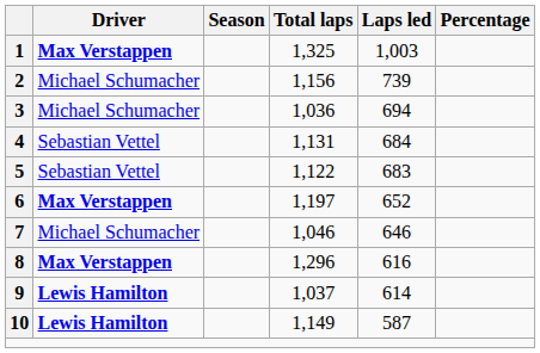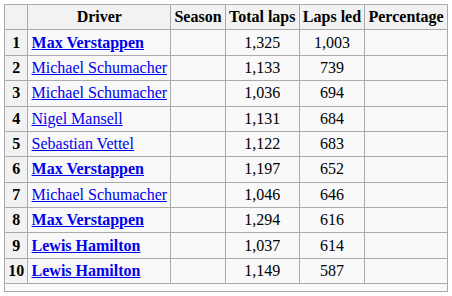 <table class="wikitable" style="text-align:center">
 <tr>
 <th></th>
 <th>Driver</th>
 <th>Season</th>
 <th>Total laps</th>
 <th>Laps led</th>
 <th>Percentage</th>
 </tr>
 <tr>
 <th>1</th>
 <td align=left> <strong><a href='#'>Max Verstappen</a></strong></td>
 <td></td>
 <td>1,325</td>
 <td>1,003</td>
 <td></td>
 </tr>
 <tr>
 <th>2</th>
 <td align=left> <a href='#'>Michael Schumacher</a></td>
 <td></td>
-<td>1,156</td>
+<td>1,133</td>
 <td>739</td>
 <td></td>
 </tr>
 <tr>
 <th>3</th>
 <td align=left> <a href='#'>Michael Schumacher</a></td>
 <td></td>
 <td>1,036</td>
 <td>694</td>
 <td></td>
 </tr>
 <tr>
 <th>4</th>
-<td align=left> <a href='#'>Sebastian Vettel</a></td>
+<td align=left> <a href='#'>Nigel Mansell</a></td>
 <td></td>
 <td>1,131</td>
 <td>684</td>
 <td></td>
 </tr>
 <tr>
 <th>5</th>
 <td align=left> <a href='#'>Sebastian Vettel</a></td>
 <td></td>
 <td>1,122</td>
 <td>683</td>
 <td></td>
 </tr>
 <tr>
 <th>6</th>
 <td align=left> <strong><a href='#'>Max Verstappen</a></strong></td>
 <td></td>
 <td>1,197</td>
 <td>652</td>
 <td></td>
 </tr>
 <tr>
 <th>7</th>
 <td align=left> <a href='#'>Michael Schumacher</a></td>
 <td></td>
 <td>1,046</td>
 <td>646</td>
 <td></td>
 </tr>
 <tr>
 <th>8</th>
 <td align=left> <strong><a href='#'>Max Verstappen</a></strong></td>
 <td></td>
-<td>1,296</td>
+<td>1,294</td>
 <td>616</td>
 <td></td>
 </tr>
 <tr>
 <th>9</th>
 <td align=left> <strong><a href='#'>Lewis Hamilton</a></strong></td>
 <td></td>
 <td>1,037</td>
 <td>614</td>
 <td></td>
 </tr>
 <tr>
 <th>10</th>
 <td align=left> <strong><a href='#'>Lewis Hamilton</a></strong></td>
 <td></td>
 <td>1,149</td>
 <td>587</td>
 <td></td>
 </tr>
 <tr>
 <td colspan="6"></td>
 </tr>
 </table>
